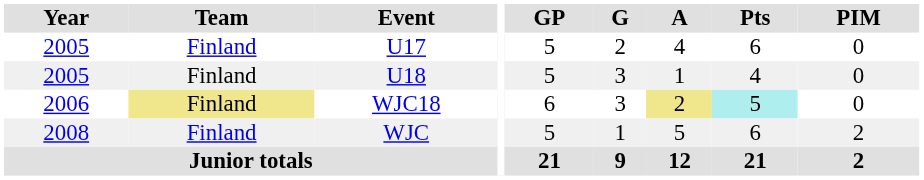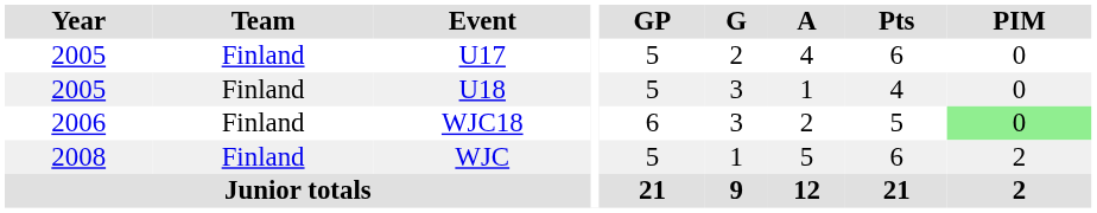 <table border="0" cellpadding="1" cellspacing="0" ID="Table3" style="text-align:center; width:40em">
 <tr ALIGN="center" bgcolor="#e0e0e0">
 <th>Year</th>
 <th>Team</th>
 <th>Event</th>
 <th rowspan="99" bgcolor="#ffffff"></th>
 <th>GP</th>
 <th>G</th>
 <th>A</th>
 <th>Pts</th>
 <th>PIM</th>
 </tr>
 <tr>
 <td><a href='#'>2005</a></td>
 <td><a href='#'>Finland</a></td>
 <td><a href='#'>U17</a></td>
 <td>5</td>
 <td>2</td>
 <td>4</td>
 <td>6</td>
 <td>0</td>
 </tr>
 <tr bgcolor="#f0f0f0">
 <td><a href='#'>2005</a></td>
 <td>Finland</td>
 <td><a href='#'>U18</a></td>
 <td>5</td>
 <td>3</td>
 <td>1</td>
 <td>4</td>
 <td>0</td>
 </tr>
 <tr>
 <td><a href='#'>2006</a></td>
-<td style="background: khaki;">Finland</td>
+<td>Finland</td>
 <td><a href='#'>WJC18</a></td>
 <td>6</td>
 <td>3</td>
-<td style="background: khaki;">2</td>
-<td style="background: paleturquoise;">5</td>
-<td>0</td>
+<td>2</td>
+<td>5</td>
+<td style="background: lightgreen;">0</td>
 </tr>
 <tr bgcolor="#f0f0f0">
 <td><a href='#'>2008</a></td>
 <td><a href='#'>Finland</a></td>
 <td><a href='#'>WJC</a></td>
 <td>5</td>
 <td>1</td>
 <td>5</td>
 <td>6</td>
 <td>2</td>
 </tr>
 <tr bgcolor="#e0e0e0">
 <th colspan="3">Junior totals</th>
 <th>21</th>
 <th>9</th>
 <th>12</th>
 <th>21</th>
 <th>2</th>
 </tr>
 </table>
